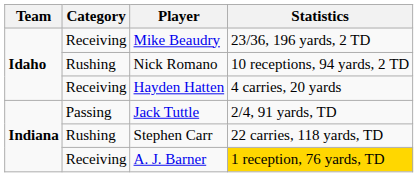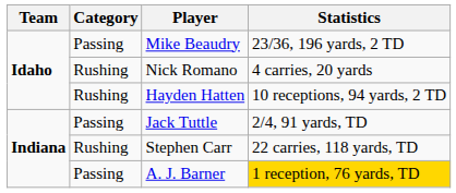 <table class="wikitable" style="float: right;">
 <tr>
 <th>Team</th>
 <th>Category</th>
 <th>Player</th>
 <th>Statistics</th>
 </tr>
 <tr>
 <td rowspan=3><strong>Idaho</strong></td>
-<td>Receiving</td>
+<td>Passing</td>
 <td><a href='#'>Mike Beaudry</a></td>
 <td>23/36, 196 yards, 2 TD</td>
 </tr>
 <tr>
 <td>Rushing</td>
 <td>Nick Romano</td>
-<td>10 receptions, 94 yards, 2 TD</td>
+<td>4 carries, 20 yards</td>
 </tr>
 <tr>
-<td>Receiving</td>
+<td>Rushing</td>
 <td><a href='#'>Hayden Hatten</a></td>
-<td>4 carries, 20 yards</td>
+<td>10 receptions, 94 yards, 2 TD</td>
 </tr>
 <tr>
 <td rowspan=3><strong>Indiana</strong></td>
 <td>Passing</td>
 <td><a href='#'>Jack Tuttle</a></td>
 <td>2/4, 91 yards, TD</td>
 </tr>
 <tr>
 <td>Rushing</td>
 <td>Stephen Carr</td>
 <td>22 carries, 118 yards, TD</td>
 </tr>
 <tr>
-<td>Receiving</td>
+<td>Passing</td>
 <td><a href='#'>A. J. Barner</a></td>
 <td style="background: gold;">1 reception, 76 yards, TD</td>
 </tr>
 </table>
